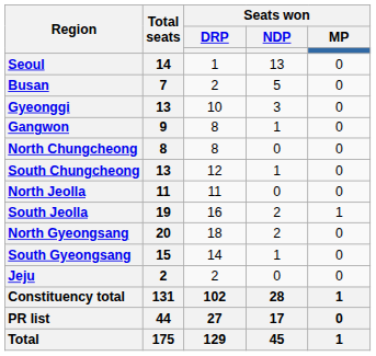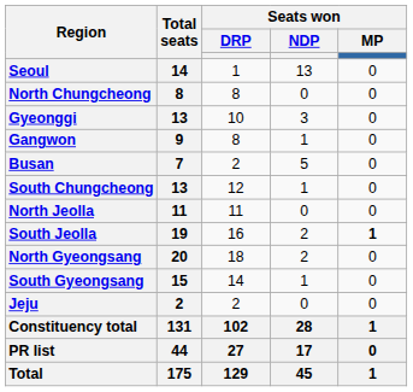 <table class="wikitable" style="text-align:center; font-size: 0.9em">
 <tr>
 <th rowspan="3">Region</th>
 <th rowspan="3">Total<br>seats</th>
 <th colspan="3">Seats won</th>
 </tr>
 <tr>
 <th class="unsortable" style="width:60px"><a href='#'>DRP</a></th>
 <th class="unsortable" style="width:60px"><a href='#'>NDP</a></th>
 <th class="unsortable" style="width:60px">MP</th>
 </tr>
 <tr>
 <th style="background:"></th>
 <th style="background:"></th>
 <th style="background:#3069A5"></th>
 </tr>
 <tr>
 <th style="text-align: left"><a href='#'>Seoul</a></th>
 <th>14</th>
 <td>1</td>
 <td>13</td>
 <td>0</td>
 </tr>
 <tr>
-<th style="text-align: left"><a href='#'>Busan</a></th>
-<th>7</th>
-<td>2</td>
-<td>5</td>
+<th style="text-align: left"><a href='#'>North Chungcheong</a></th>
+<th>8</th>
+<td>8</td>
+<td>0</td>
 <td>0</td>
 </tr>
 <tr>
 <th style="text-align: left"><a href='#'>Gyeonggi</a></th>
 <th>13</th>
 <td>10</td>
 <td>3</td>
 <td>0</td>
 </tr>
 <tr>
 <th style="text-align: left"><a href='#'>Gangwon</a></th>
 <th>9</th>
 <td>8</td>
 <td>1</td>
 <td>0</td>
 </tr>
 <tr>
-<th style="text-align: left"><a href='#'>North Chungcheong</a></th>
-<th>8</th>
-<td>8</td>
-<td>0</td>
+<th style="text-align: left"><a href='#'>Busan</a></th>
+<th>7</th>
+<td>2</td>
+<td>5</td>
 <td>0</td>
 </tr>
 <tr>
 <th style="text-align: left"><a href='#'>South Chungcheong</a></th>
 <th>13</th>
 <td>12</td>
 <td>1</td>
 <td>0</td>
 </tr>
 <tr>
 <th style="text-align: left"><a href='#'>North Jeolla</a></th>
 <th>11</th>
 <td>11</td>
 <td>0</td>
 <td>0</td>
 </tr>
 <tr>
 <th style="text-align: left"><a href='#'>South Jeolla</a></th>
 <th>19</th>
 <td>16</td>
 <td>2</td>
-<td>1</td>
+<td><strong>1</strong></td>
 </tr>
 <tr>
 <th style="text-align: left"><a href='#'>North Gyeongsang</a></th>
 <th>20</th>
 <td>18</td>
 <td>2</td>
 <td>0</td>
 </tr>
 <tr>
 <th style="text-align: left"><a href='#'>South Gyeongsang</a></th>
 <th>15</th>
 <td>14</td>
 <td>1</td>
 <td>0</td>
 </tr>
 <tr>
 <th style="text-align: left"><a href='#'>Jeju</a></th>
 <th>2</th>
 <td>2</td>
 <td>0</td>
 <td>0</td>
 </tr>
 <tr class="sortbottom">
 <th style="text-align: left">Constituency total</th>
 <th>131</th>
 <th>102</th>
 <th>28</th>
 <th>1</th>
 </tr>
 <tr>
 <th style="text-align: left">PR list</th>
 <th>44</th>
 <th>27</th>
 <th>17</th>
 <th>0</th>
 </tr>
 <tr>
 <th style="text-align: left">Total</th>
 <th>175</th>
 <th>129</th>
 <th>45</th>
 <th>1</th>
 </tr>
 </table>
